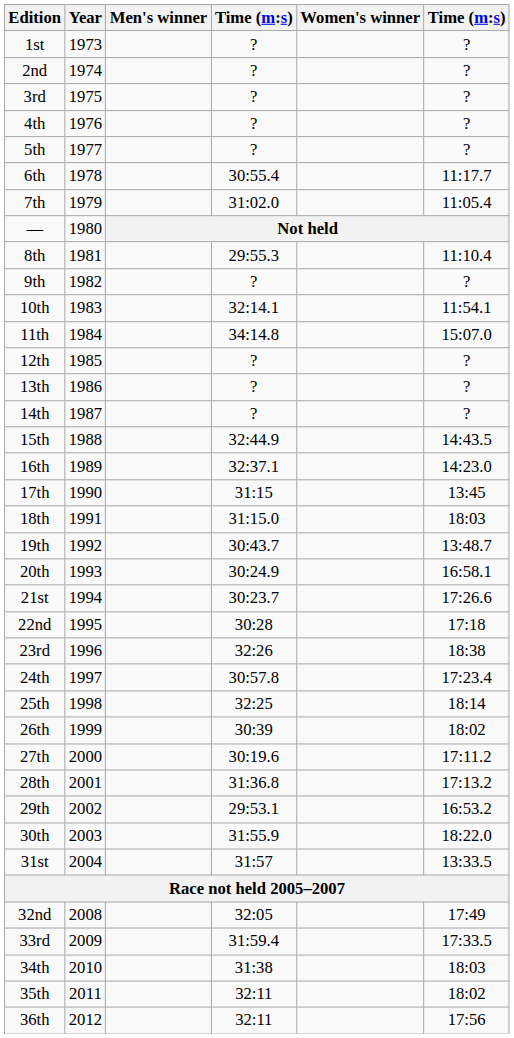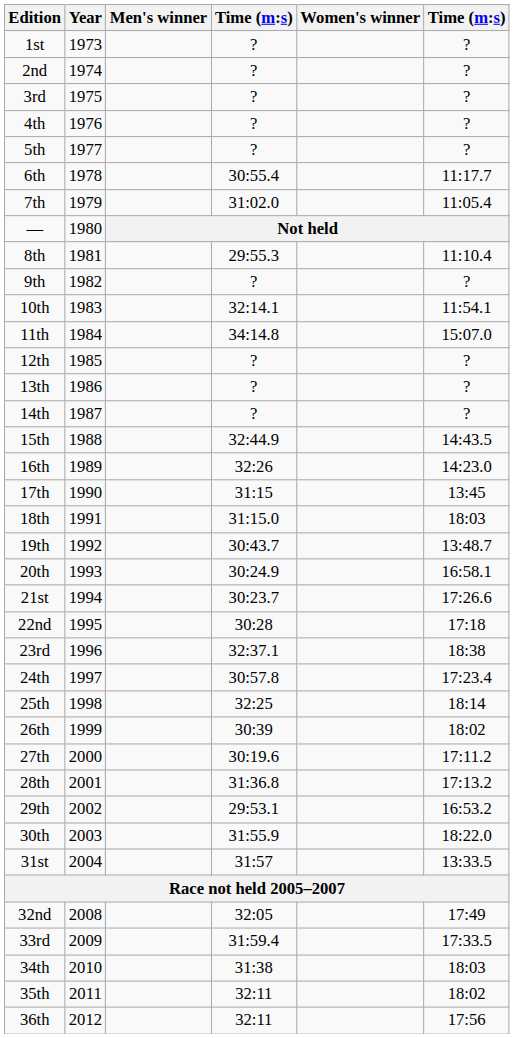 <table class="wikitable" style="text-align:center">
 <tr>
 <th>Edition</th>
 <th>Year</th>
 <th>Men's winner</th>
 <th>Time (<a href='#'>m</a>:<a href='#'>s</a>)</th>
 <th>Women's winner</th>
 <th>Time (<a href='#'>m</a>:<a href='#'>s</a>)</th>
 </tr>
 <tr>
 <td>1st</td>
 <td>1973</td>
 <td align=left></td>
 <td>?</td>
 <td align=left></td>
 <td>?</td>
 </tr>
 <tr>
 <td>2nd</td>
 <td>1974</td>
 <td align=left></td>
 <td>?</td>
 <td align=left></td>
 <td>?</td>
 </tr>
 <tr>
 <td>3rd</td>
 <td>1975</td>
 <td align=left></td>
 <td>?</td>
 <td align=left></td>
 <td>?</td>
 </tr>
 <tr>
 <td>4th</td>
 <td>1976</td>
 <td align=left></td>
 <td>?</td>
 <td align=left></td>
 <td>?</td>
 </tr>
 <tr>
 <td>5th</td>
 <td>1977</td>
 <td align=left></td>
 <td>?</td>
 <td align=left></td>
 <td>?</td>
 </tr>
 <tr>
 <td>6th</td>
 <td>1978</td>
 <td align=left></td>
 <td>30:55.4</td>
 <td align=left></td>
 <td>11:17.7</td>
 </tr>
 <tr>
 <td>7th</td>
 <td>1979</td>
 <td align=left></td>
 <td>31:02.0</td>
 <td align=left></td>
 <td>11:05.4</td>
 </tr>
 <tr>
 <td>—</td>
 <td>1980</td>
 <th colspan=4>Not held</th>
 </tr>
 <tr>
 <td>8th</td>
 <td>1981</td>
 <td align=left></td>
 <td>29:55.3</td>
 <td align=left></td>
 <td>11:10.4</td>
 </tr>
 <tr>
 <td>9th</td>
 <td>1982</td>
 <td align=left></td>
 <td>?</td>
 <td align=left></td>
 <td>?</td>
 </tr>
 <tr>
 <td>10th</td>
 <td>1983</td>
 <td align=left></td>
 <td>32:14.1</td>
 <td align=left></td>
 <td>11:54.1</td>
 </tr>
 <tr>
 <td>11th</td>
 <td>1984</td>
 <td align=left></td>
 <td>34:14.8</td>
 <td align=left></td>
 <td>15:07.0</td>
 </tr>
 <tr>
 <td>12th</td>
 <td>1985</td>
 <td align=left></td>
 <td>?</td>
 <td align=left></td>
 <td>?</td>
 </tr>
 <tr>
 <td>13th</td>
 <td>1986</td>
 <td align=left></td>
 <td>?</td>
 <td align=left></td>
 <td>?</td>
 </tr>
 <tr>
 <td>14th</td>
 <td>1987</td>
 <td align=left></td>
 <td>?</td>
 <td align=left></td>
 <td>?</td>
 </tr>
 <tr>
 <td>15th</td>
 <td>1988</td>
 <td align=left></td>
 <td>32:44.9</td>
 <td align=left></td>
 <td>14:43.5</td>
 </tr>
 <tr>
 <td>16th</td>
 <td>1989</td>
 <td align=left></td>
-<td>32:37.1</td>
+<td>32:26</td>
 <td align=left></td>
 <td>14:23.0</td>
 </tr>
 <tr>
 <td>17th</td>
 <td>1990</td>
 <td align=left></td>
 <td>31:15</td>
 <td align=left></td>
 <td>13:45</td>
 </tr>
 <tr>
 <td>18th</td>
 <td>1991</td>
 <td align=left></td>
 <td>31:15.0</td>
 <td align=left></td>
 <td>18:03</td>
 </tr>
 <tr>
 <td>19th</td>
 <td>1992</td>
 <td align=left></td>
 <td>30:43.7</td>
 <td align=left></td>
 <td>13:48.7</td>
 </tr>
 <tr>
 <td>20th</td>
 <td>1993</td>
 <td align=left></td>
 <td>30:24.9</td>
 <td align=left></td>
 <td>16:58.1</td>
 </tr>
 <tr>
 <td>21st</td>
 <td>1994</td>
 <td align=left></td>
 <td>30:23.7</td>
 <td align=left></td>
 <td>17:26.6</td>
 </tr>
 <tr>
 <td>22nd</td>
 <td>1995</td>
 <td align=left></td>
 <td>30:28</td>
 <td align=left></td>
 <td>17:18</td>
 </tr>
 <tr>
 <td>23rd</td>
 <td>1996</td>
 <td align=left></td>
-<td>32:26</td>
+<td>32:37.1</td>
 <td align=left></td>
 <td>18:38</td>
 </tr>
 <tr>
 <td>24th</td>
 <td>1997</td>
 <td align=left></td>
 <td>30:57.8</td>
 <td align=left></td>
 <td>17:23.4</td>
 </tr>
 <tr>
 <td>25th</td>
 <td>1998</td>
 <td align=left></td>
 <td>32:25</td>
 <td align=left></td>
 <td>18:14</td>
 </tr>
 <tr>
 <td>26th</td>
 <td>1999</td>
 <td align=left></td>
 <td>30:39</td>
 <td align=left></td>
 <td>18:02</td>
 </tr>
 <tr>
 <td>27th</td>
 <td>2000</td>
 <td align=left></td>
 <td>30:19.6</td>
 <td align=left></td>
 <td>17:11.2</td>
 </tr>
 <tr>
 <td>28th</td>
 <td>2001</td>
 <td align=left></td>
 <td>31:36.8</td>
 <td align=left></td>
 <td>17:13.2</td>
 </tr>
 <tr>
 <td>29th</td>
 <td>2002</td>
 <td align=left></td>
 <td>29:53.1</td>
 <td align=left></td>
 <td>16:53.2</td>
 </tr>
 <tr>
 <td>30th</td>
 <td>2003</td>
 <td align=left></td>
 <td>31:55.9</td>
 <td align=left></td>
 <td>18:22.0</td>
 </tr>
 <tr>
 <td>31st</td>
 <td>2004</td>
 <td align=left></td>
 <td>31:57</td>
 <td align=left></td>
 <td>13:33.5</td>
 </tr>
 <tr>
 <th colspan=6>Race not held 2005–2007</th>
 </tr>
 <tr>
 <td>32nd</td>
 <td>2008</td>
 <td align=left></td>
 <td>32:05</td>
 <td align=left></td>
 <td>17:49</td>
 </tr>
 <tr>
 <td>33rd</td>
 <td>2009</td>
 <td align=left></td>
 <td>31:59.4</td>
 <td align=left></td>
 <td>17:33.5</td>
 </tr>
 <tr>
 <td>34th</td>
 <td>2010</td>
 <td align=left></td>
 <td>31:38</td>
 <td align=left></td>
 <td>18:03</td>
 </tr>
 <tr>
 <td>35th</td>
 <td>2011</td>
 <td align=left></td>
 <td>32:11</td>
 <td align=left></td>
 <td>18:02</td>
 </tr>
 <tr>
 <td>36th</td>
 <td>2012</td>
 <td align=left></td>
 <td>32:11</td>
 <td align=left></td>
 <td>17:56</td>
 </tr>
 </table>
